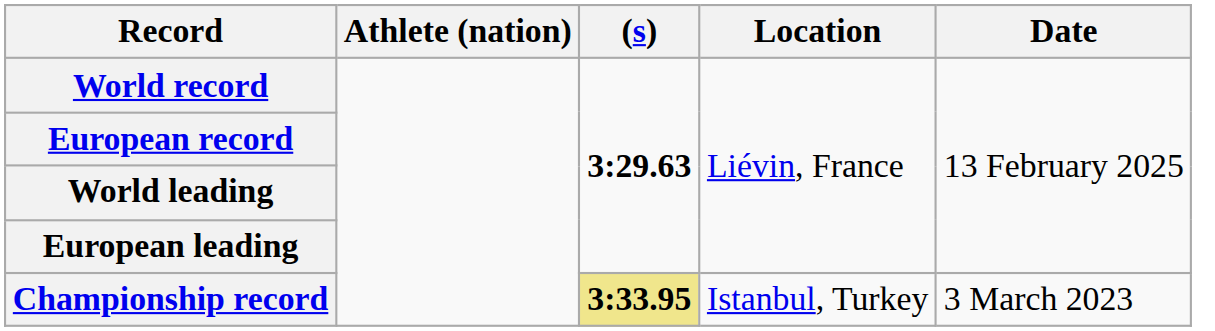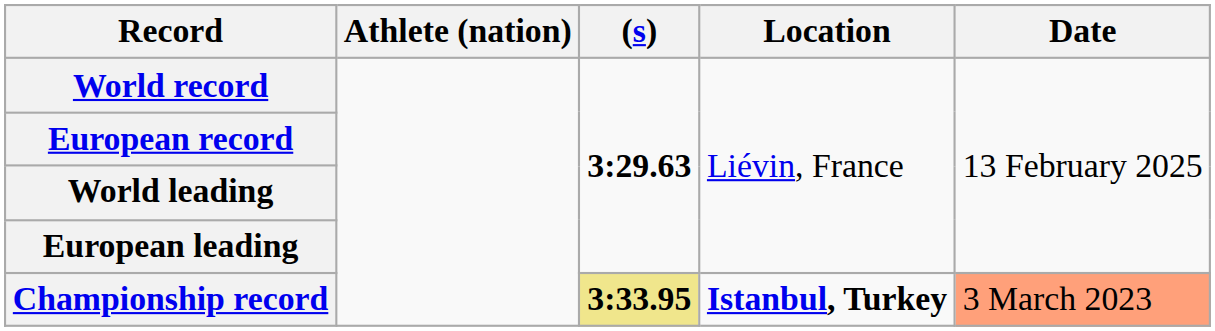 <table class="wikitable">
 <tr>
 <th scope="col">Record</th>
 <th scope="col">Athlete (nation)</th>
 <th scope="col"> (<a href='#'>s</a>)</th>
 <th scope="col">Location</th>
 <th scope="col">Date</th>
 </tr>
 <tr>
 <th scope="row"><a href='#'>World record</a></th>
 <td rowspan="5"></td>
 <td rowspan="4" align="center"><strong>3:29.63</strong></td>
 <td rowspan="4"><a href='#'>Liévin</a>, France</td>
 <td rowspan="4">13 February 2025</td>
 </tr>
 <tr>
 <th scope="row"><a href='#'>European record</a></th>
 </tr>
 <tr>
 <th scope="row">World leading</th>
 </tr>
 <tr>
 <th scope="row">European leading</th>
 </tr>
 <tr>
 <th scope="row"><a href='#'>Championship record</a></th>
 <td align="center" style="background: khaki;"><strong>3:33.95</strong></td>
-<td><a href='#'>Istanbul</a>, Turkey</td>
-<td>3 March 2023</td>
+<td><strong><a href='#'>Istanbul</a>, Turkey</strong></td>
+<td style="background: lightsalmon;">3 March 2023</td>
 </tr>
 </table>
